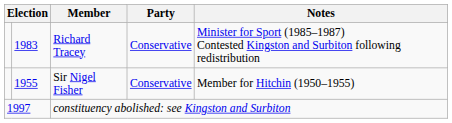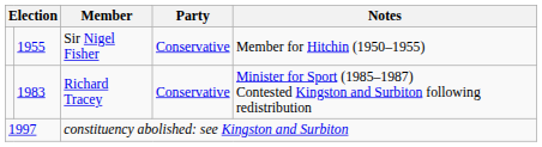 <table class="wikitable">
 <tr>
 <th colspan="2">Election</th>
 <th>Member</th>
 <th>Party</th>
 <th>Notes</th>
 </tr>
 <tr>
 <td style="color:inherit;background-color: "></td>
+<td><a href='#'>1955</a></td>
+<td>Sir <a href='#'>Nigel Fisher</a></td>
+<td><a href='#'>Conservative</a></td>
+<td>Member for <a href='#'>Hitchin</a> (1950–1955)</td>
+</tr>
+<tr>
+<td style="color:inherit;background-color: "></td>
 <td><a href='#'>1983</a></td>
 <td><a href='#'>Richard Tracey</a></td>
 <td><a href='#'>Conservative</a></td>
 <td><a href='#'>Minister for Sport</a> (1985–1987)<br>Contested <a href='#'>Kingston and Surbiton</a> following redistribution</td>
 </tr>
 <tr>
-<td style="color:inherit;background-color: "></td>
-<td><a href='#'>1955</a></td>
-<td>Sir <a href='#'>Nigel Fisher</a></td>
-<td><a href='#'>Conservative</a></td>
-<td>Member for <a href='#'>Hitchin</a> (1950–1955)</td>
-</tr>
-<tr>
 <td colspan="2"><a href='#'>1997</a></td>
 <td colspan="3"><em>constituency abolished: see <a href='#'>Kingston and Surbiton</a></em></td>
 </tr>
 </table>
